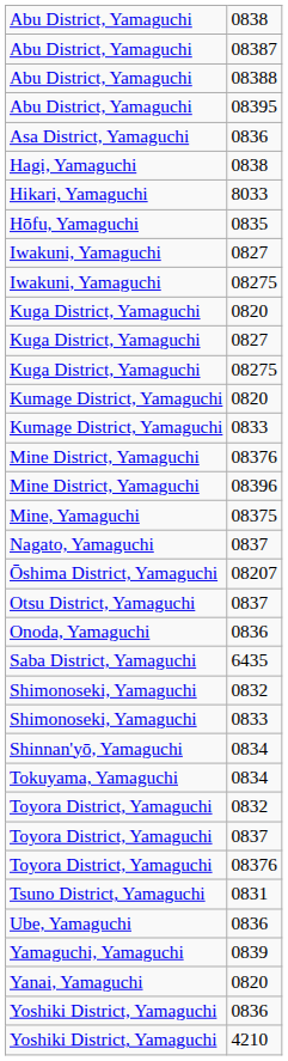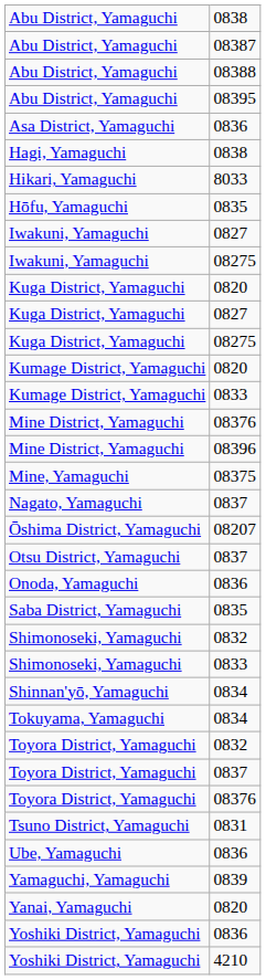 <table class="wikitable">
 <tr>
 <td><a href='#'>Abu District, Yamaguchi</a></td>
 <td>0838</td>
 </tr>
 <tr>
 <td><a href='#'>Abu District, Yamaguchi</a></td>
 <td>08387</td>
 </tr>
 <tr>
 <td><a href='#'>Abu District, Yamaguchi</a></td>
 <td>08388</td>
 </tr>
 <tr>
 <td><a href='#'>Abu District, Yamaguchi</a></td>
 <td>08395</td>
 </tr>
 <tr>
 <td><a href='#'>Asa District, Yamaguchi</a></td>
 <td>0836</td>
 </tr>
 <tr>
 <td><a href='#'>Hagi, Yamaguchi</a></td>
 <td>0838</td>
 </tr>
 <tr>
 <td><a href='#'>Hikari, Yamaguchi</a></td>
 <td>8033</td>
 </tr>
 <tr>
 <td><a href='#'>Hōfu, Yamaguchi</a></td>
 <td>0835</td>
 </tr>
 <tr>
 <td><a href='#'>Iwakuni, Yamaguchi</a></td>
 <td>0827</td>
 </tr>
 <tr>
 <td><a href='#'>Iwakuni, Yamaguchi</a></td>
 <td>08275</td>
 </tr>
 <tr>
 <td><a href='#'>Kuga District, Yamaguchi</a></td>
 <td>0820</td>
 </tr>
 <tr>
 <td><a href='#'>Kuga District, Yamaguchi</a></td>
 <td>0827</td>
 </tr>
 <tr>
 <td><a href='#'>Kuga District, Yamaguchi</a></td>
 <td>08275</td>
 </tr>
 <tr>
 <td><a href='#'>Kumage District, Yamaguchi</a></td>
 <td>0820</td>
 </tr>
 <tr>
 <td><a href='#'>Kumage District, Yamaguchi</a></td>
 <td>0833</td>
 </tr>
 <tr>
 <td><a href='#'>Mine District, Yamaguchi</a></td>
 <td>08376</td>
 </tr>
 <tr>
 <td><a href='#'>Mine District, Yamaguchi</a></td>
 <td>08396</td>
 </tr>
 <tr>
 <td><a href='#'>Mine, Yamaguchi</a></td>
 <td>08375</td>
 </tr>
 <tr>
 <td><a href='#'>Nagato, Yamaguchi</a></td>
 <td>0837</td>
 </tr>
 <tr>
 <td><a href='#'>Ōshima District, Yamaguchi</a></td>
 <td>08207</td>
 </tr>
 <tr>
 <td><a href='#'>Otsu District, Yamaguchi</a></td>
 <td>0837</td>
 </tr>
 <tr>
 <td><a href='#'>Onoda, Yamaguchi</a></td>
 <td>0836</td>
 </tr>
 <tr>
 <td><a href='#'>Saba District, Yamaguchi</a></td>
-<td>6435</td>
+<td>0835</td>
 </tr>
 <tr>
 <td><a href='#'>Shimonoseki, Yamaguchi</a></td>
 <td>0832</td>
 </tr>
 <tr>
 <td><a href='#'>Shimonoseki, Yamaguchi</a></td>
 <td>0833</td>
 </tr>
 <tr>
 <td><a href='#'>Shinnan'yō, Yamaguchi</a></td>
 <td>0834</td>
 </tr>
 <tr>
 <td><a href='#'>Tokuyama, Yamaguchi</a></td>
 <td>0834</td>
 </tr>
 <tr>
 <td><a href='#'>Toyora District, Yamaguchi</a></td>
 <td>0832</td>
 </tr>
 <tr>
 <td><a href='#'>Toyora District, Yamaguchi</a></td>
 <td>0837</td>
 </tr>
 <tr>
 <td><a href='#'>Toyora District, Yamaguchi</a></td>
 <td>08376</td>
 </tr>
 <tr>
 <td><a href='#'>Tsuno District, Yamaguchi</a></td>
 <td>0831</td>
 </tr>
 <tr>
 <td><a href='#'>Ube, Yamaguchi</a></td>
 <td>0836</td>
 </tr>
 <tr>
 <td><a href='#'>Yamaguchi, Yamaguchi</a></td>
 <td>0839</td>
 </tr>
 <tr>
 <td><a href='#'>Yanai, Yamaguchi</a></td>
 <td>0820</td>
 </tr>
 <tr>
 <td><a href='#'>Yoshiki District, Yamaguchi</a></td>
 <td>0836</td>
 </tr>
 <tr>
 <td><a href='#'>Yoshiki District, Yamaguchi</a></td>
 <td>4210</td>
 </tr>
 </table>
